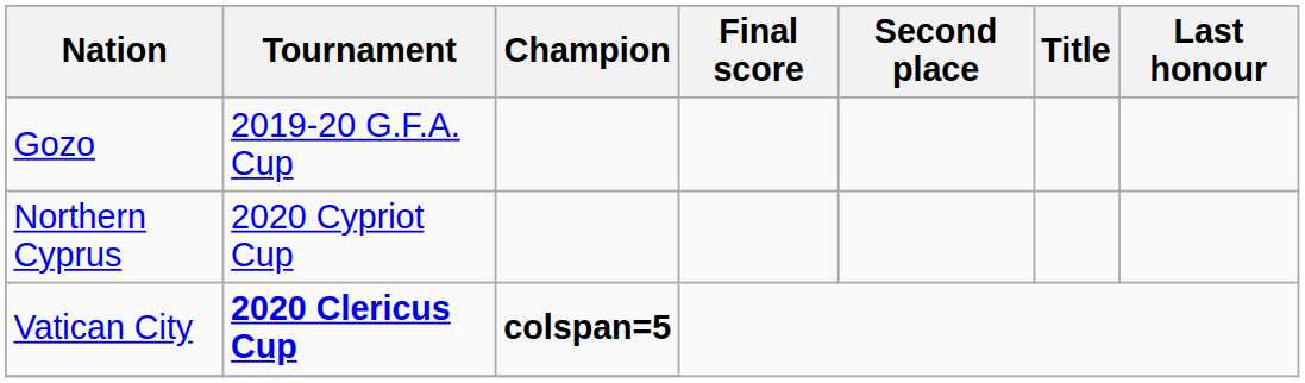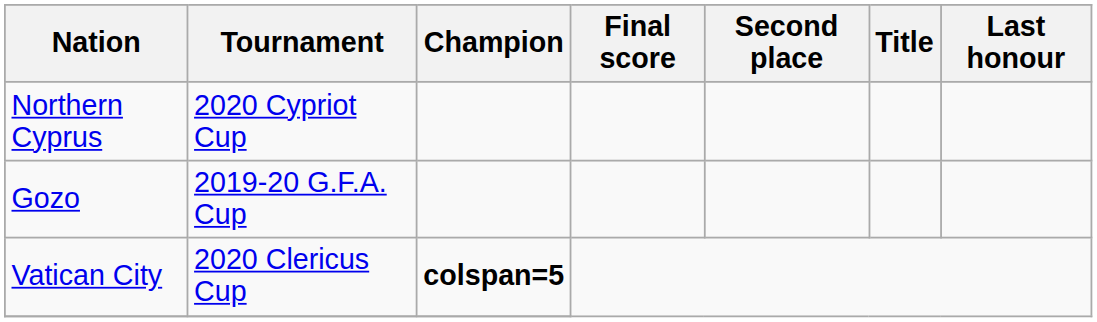 <table class="wikitable sortable">
 <tr>
 <th>Nation</th>
 <th>Tournament</th>
 <th>Champion</th>
 <th>Final score</th>
 <th>Second place</th>
 <th data-sort-type="number">Title</th>
 <th>Last honour</th>
 </tr>
 <tr>
+<td> <a href='#'>Northern Cyprus</a></td>
+<td><a href='#'>2020 Cypriot Cup</a></td>
+<td></td>
+<td></td>
+<td></td>
+<td></td>
+<td></td>
+</tr>
+<tr>
 <td> <a href='#'>Gozo</a></td>
 <td><a href='#'>2019-20 G.F.A. Cup</a></td>
 <td></td>
 <td></td>
 <td></td>
 <td></td>
 <td></td>
 </tr>
 <tr>
-<td> <a href='#'>Northern Cyprus</a></td>
-<td><a href='#'>2020 Cypriot Cup</a></td>
-<td></td>
-<td></td>
-<td></td>
-<td></td>
-<td></td>
-</tr>
-<tr>
 <td> <a href='#'>Vatican City</a></td>
-<td><strong><a href='#'>2020 Clericus Cup</a></strong></td>
+<td><a href='#'>2020 Clericus Cup</a></td>
 <td><strong>colspan=5 </strong></td>
 </tr>
 <tr>
 </tr>
 </table>
